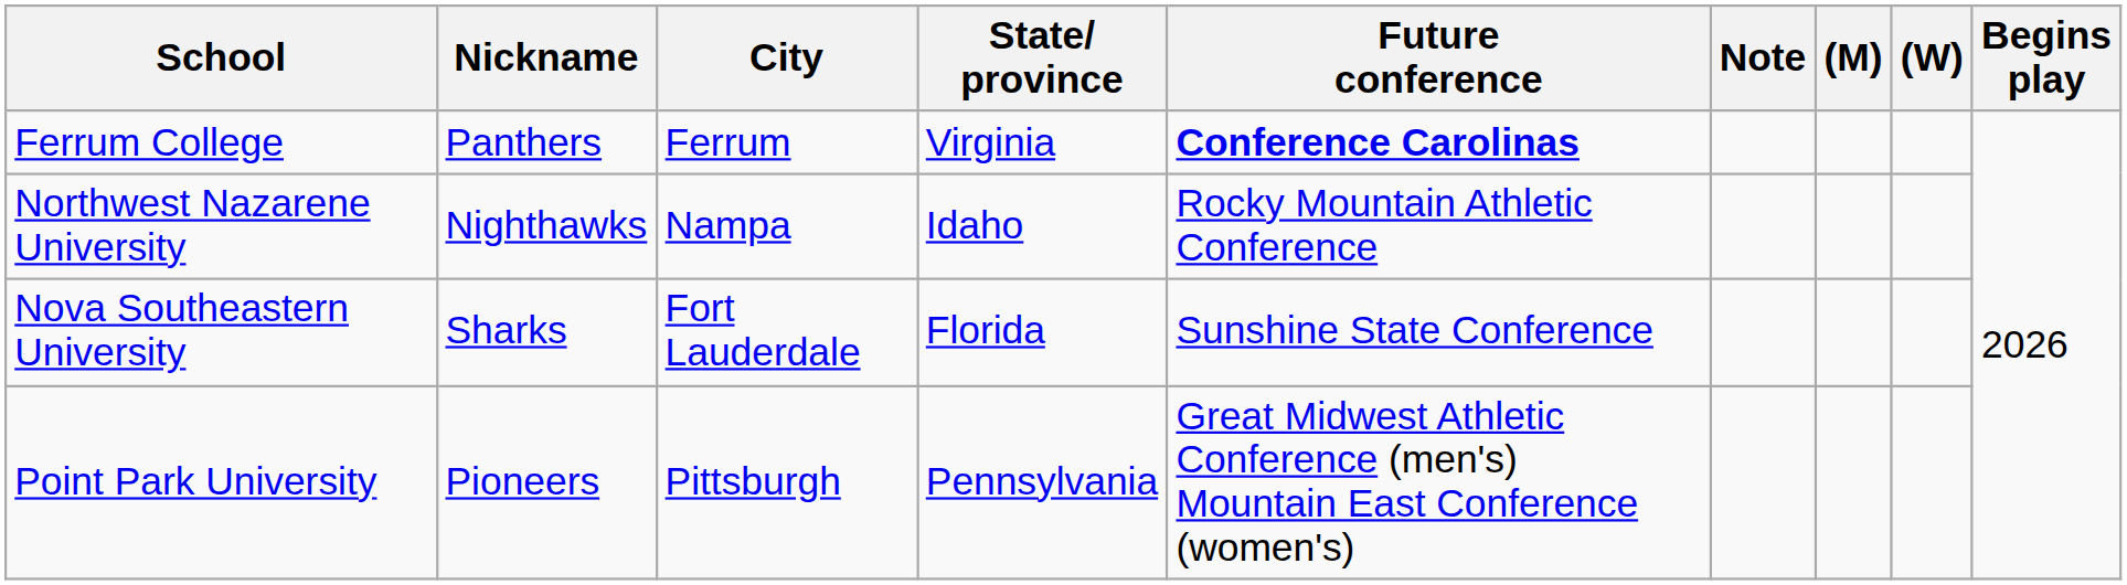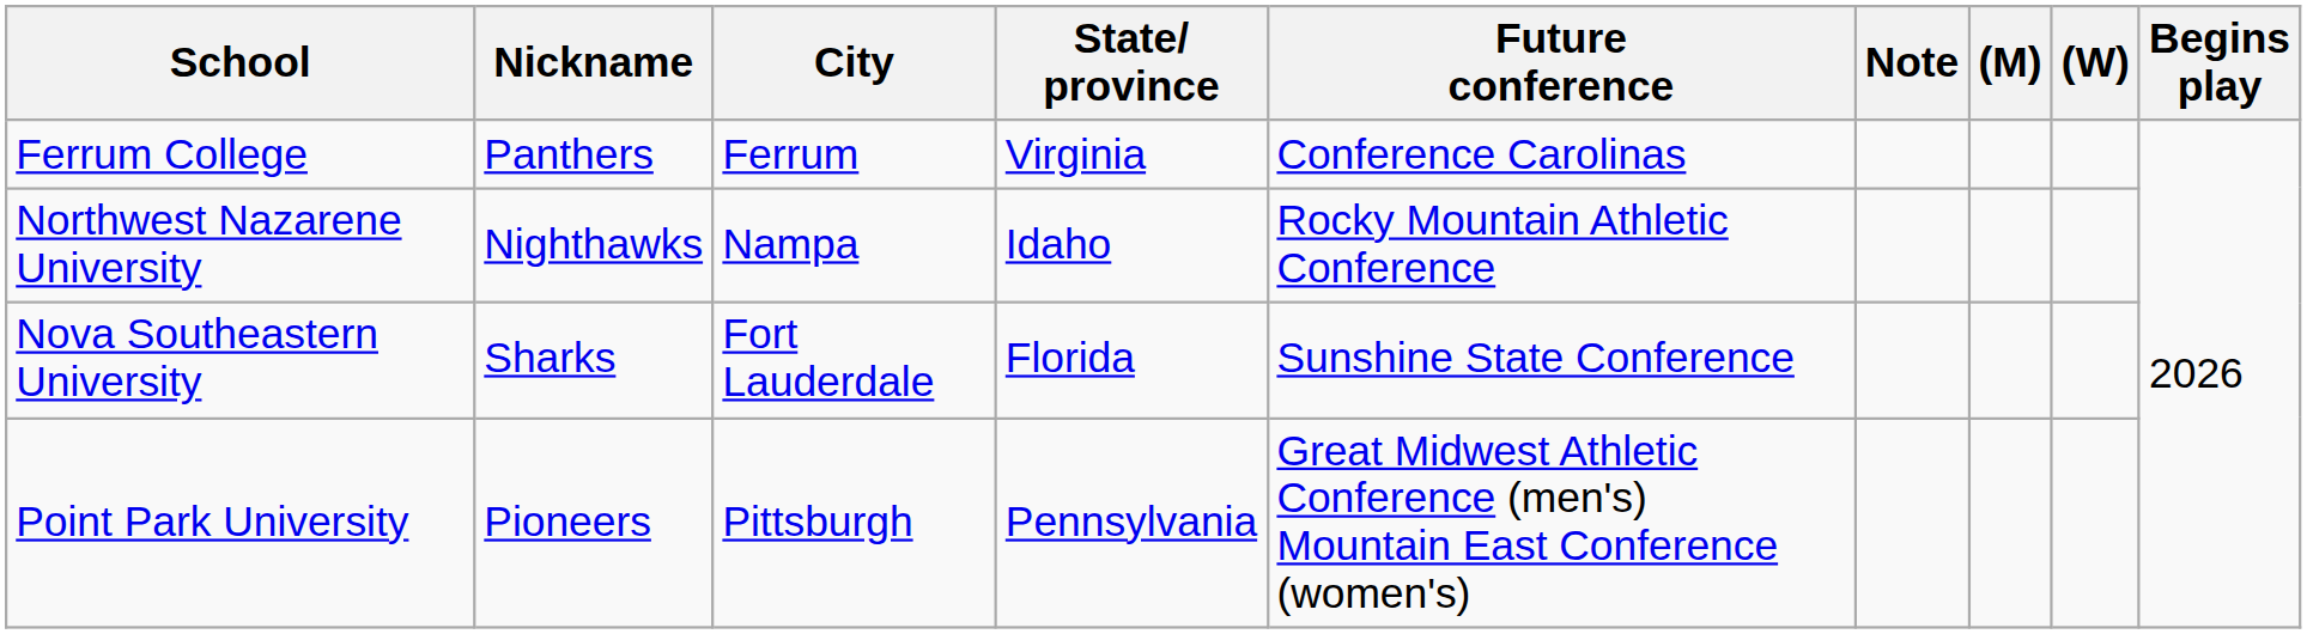 <table class="wikitable">
 <tr>
 <th>School</th>
 <th>Nickname</th>
 <th>City</th>
 <th>State/<br>province</th>
 <th>Future<br>conference</th>
 <th>Note</th>
 <th>(M)</th>
 <th>(W)</th>
 <th>Begins<br>play</th>
 </tr>
 <tr>
 <td><a href='#'>Ferrum College</a></td>
 <td><a href='#'>Panthers</a></td>
 <td><a href='#'>Ferrum</a></td>
 <td><a href='#'>Virginia</a></td>
-<td><strong><a href='#'>Conference Carolinas</a></strong></td>
+<td><a href='#'>Conference Carolinas</a></td>
 <td></td>
 <td></td>
 <td></td>
 <td rowspan=4>2026</td>
 </tr>
 <tr>
 <td><a href='#'>Northwest Nazarene University</a></td>
 <td><a href='#'>Nighthawks</a></td>
 <td><a href='#'>Nampa</a></td>
 <td><a href='#'>Idaho</a></td>
 <td><a href='#'>Rocky Mountain Athletic Conference</a></td>
 <td></td>
 <td></td>
 <td></td>
 </tr>
 <tr>
 <td><a href='#'>Nova Southeastern University</a></td>
 <td><a href='#'>Sharks</a></td>
 <td><a href='#'>Fort Lauderdale</a></td>
 <td><a href='#'>Florida</a></td>
 <td><a href='#'>Sunshine State Conference</a></td>
 <td></td>
 <td></td>
 <td></td>
 </tr>
 <tr>
 <td><a href='#'>Point Park University</a></td>
 <td><a href='#'>Pioneers</a></td>
 <td><a href='#'>Pittsburgh</a></td>
 <td><a href='#'>Pennsylvania</a></td>
 <td><a href='#'>Great Midwest Athletic Conference</a> (men's)<br><a href='#'>Mountain East Conference</a> (women's)</td>
 <td></td>
 <td></td>
 <td></td>
 </tr>
 </table>
